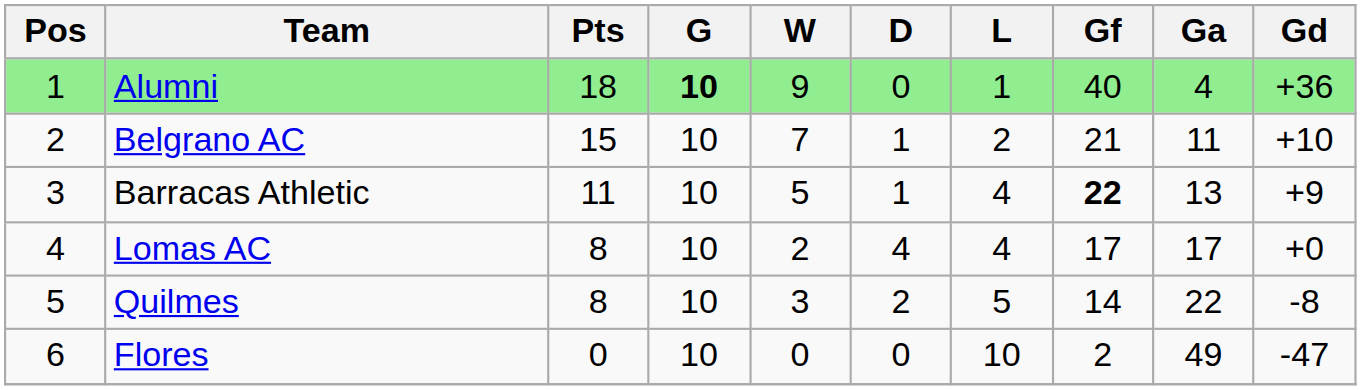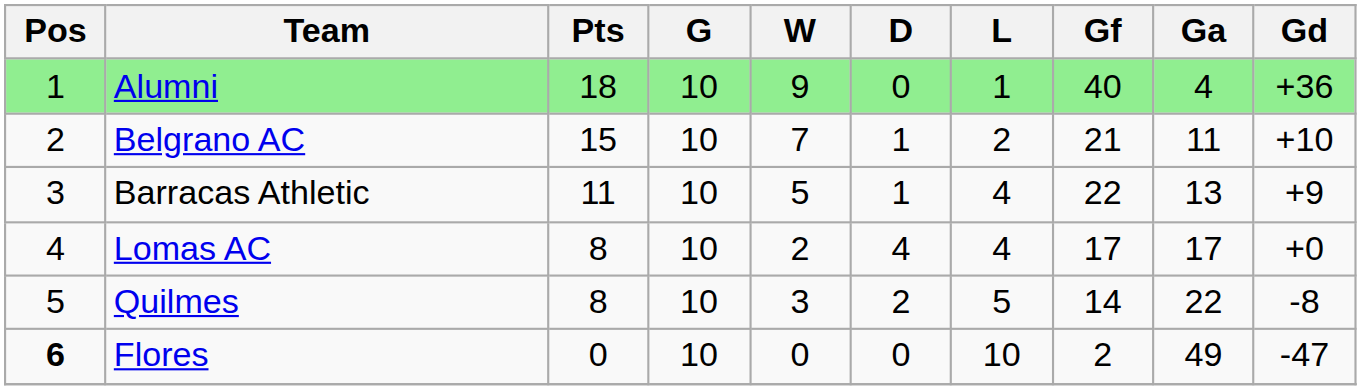 <table class="wikitable" style="text-align:center">
 <tr>
 <th width=40px>Pos</th>
 <th width=200px>Team</th>
 <th width=40px>Pts</th>
 <th width=40px>G</th>
 <th width=40px>W</th>
 <th width=40px>D</th>
 <th width=40px>L</th>
 <th width=40px>Gf</th>
 <th width=40px>Ga</th>
 <th width=40px>Gd</th>
 </tr>
 <tr bgcolor="lightgreen">
 <td>1</td>
 <td align=left><a href='#'>Alumni</a></td>
 <td>18</td>
-<td><strong>10</strong></td>
+<td>10</td>
 <td>9</td>
 <td>0</td>
 <td>1</td>
 <td>40</td>
 <td>4</td>
 <td>+36</td>
 </tr>
 <tr>
 <td>2</td>
 <td align=left><a href='#'>Belgrano AC</a></td>
 <td>15</td>
 <td>10</td>
 <td>7</td>
 <td>1</td>
 <td>2</td>
 <td>21</td>
 <td>11</td>
 <td>+10</td>
 </tr>
 <tr>
 <td>3</td>
 <td align=left>Barracas Athletic</td>
 <td>11</td>
 <td>10</td>
 <td>5</td>
 <td>1</td>
 <td>4</td>
-<td><strong>22</strong></td>
+<td>22</td>
 <td>13</td>
 <td>+9</td>
 </tr>
 <tr>
 <td>4</td>
 <td align=left><a href='#'>Lomas AC</a></td>
 <td>8</td>
 <td>10</td>
 <td>2</td>
 <td>4</td>
 <td>4</td>
 <td>17</td>
 <td>17</td>
 <td>+0</td>
 </tr>
 <tr>
 <td>5</td>
 <td align=left><a href='#'>Quilmes</a></td>
 <td>8</td>
 <td>10</td>
 <td>3</td>
 <td>2</td>
 <td>5</td>
 <td>14</td>
 <td>22</td>
 <td>-8</td>
 </tr>
 <tr>
-<td>6</td>
+<td><strong>6</strong></td>
 <td align=left><a href='#'>Flores</a></td>
 <td>0</td>
 <td>10</td>
 <td>0</td>
 <td>0</td>
 <td>10</td>
 <td>2</td>
 <td>49</td>
 <td>-47</td>
 </tr>
 <tr>
 </tr>
 </table>
